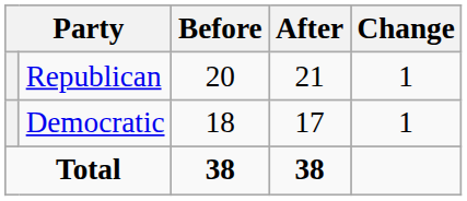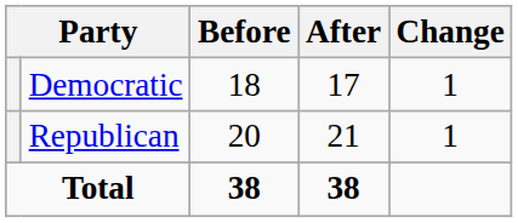 <table class="wikitable" style="text-align:center;">
 <tr>
 <th colspan="2">Party</th>
 <th>Before</th>
 <th>After</th>
 <th>Change</th>
 </tr>
 <tr>
 <th style="background-color:"></th>
-<td style="text-align:left;"><a href='#'>Republican</a></td>
-<td>20</td>
-<td>21</td>
+<td style="text-align:left;"><a href='#'>Democratic</a></td>
+<td>18</td>
+<td>17</td>
 <td> 1</td>
 </tr>
 <tr>
 <th style="background-color:"></th>
-<td style="text-align:left;"><a href='#'>Democratic</a></td>
-<td>18</td>
-<td>17</td>
+<td style="text-align:left;"><a href='#'>Republican</a></td>
+<td>20</td>
+<td>21</td>
 <td> 1</td>
 </tr>
 <tr>
 <td colspan="2"><strong>Total</strong></td>
 <td><strong>38</strong></td>
 <td><strong>38</strong></td>
 <td></td>
 </tr>
 </table>
